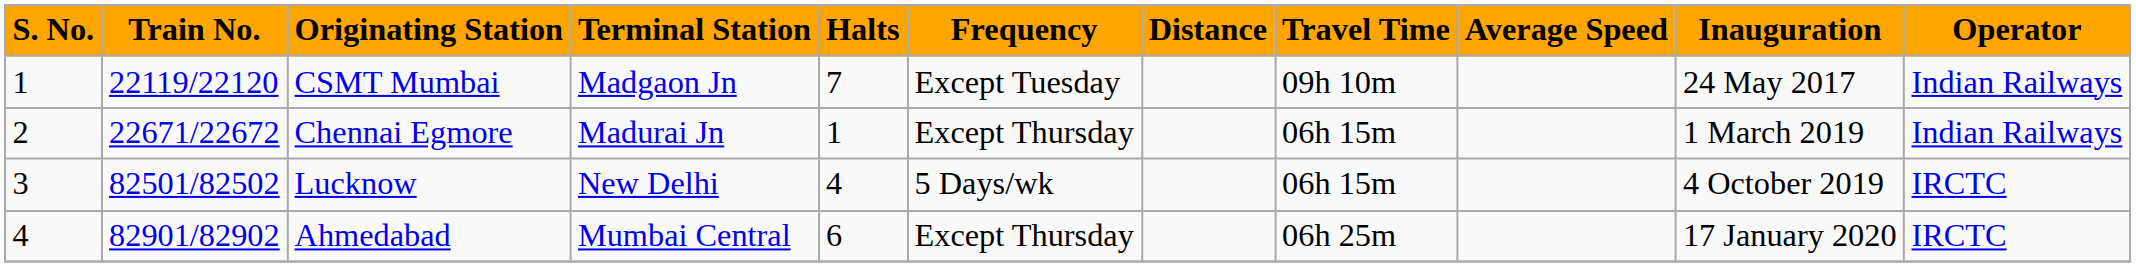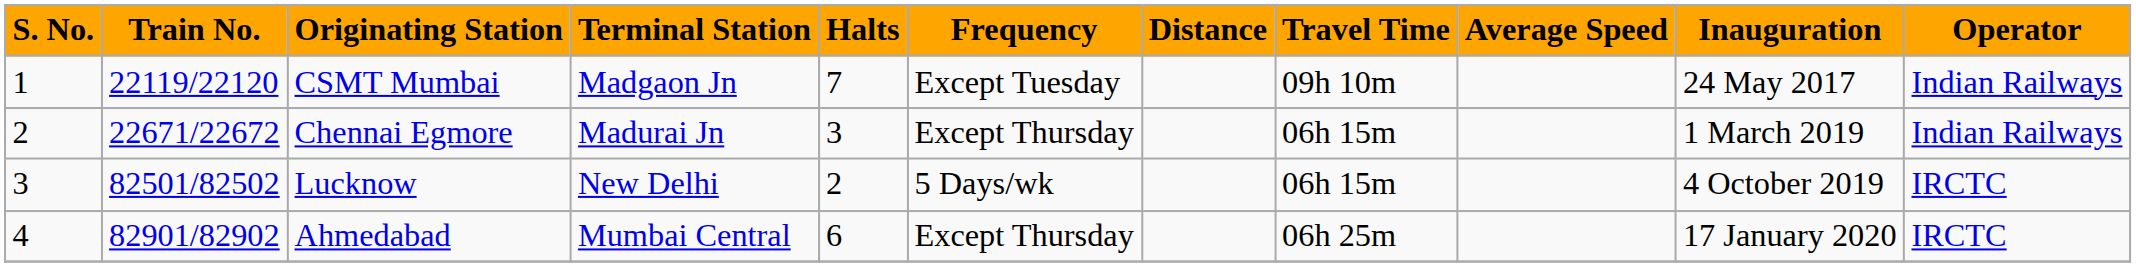 <table class="wikitable sortable">
 <tr>
 <th style="color: black; background-color: orange">S. No.</th>
 <th style="color: black; background-color: orange">Train No.</th>
 <th style="color: black; background-color: orange">Originating Station</th>
 <th style="color: black; background-color: orange">Terminal Station</th>
 <th style="color: black; background-color: orange">Halts</th>
 <th style="color: black; background-color: orange">Frequency</th>
 <th style="color: black; background-color: orange">Distance</th>
 <th style="color: black; background-color: orange">Travel Time</th>
 <th style="color: black; background-color: orange">Average Speed</th>
 <th style="color: black; background-color: orange">Inauguration</th>
 <th style="color: black; background-color: orange">Operator</th>
 </tr>
 <tr>
 <td>1</td>
 <td><a href='#'>22119/22120</a></td>
 <td><a href='#'>CSMT Mumbai</a></td>
 <td><a href='#'>Madgaon Jn</a></td>
 <td>7</td>
 <td>Except Tuesday</td>
 <td></td>
 <td>09h 10m</td>
 <td></td>
 <td>24 May 2017</td>
 <td><a href='#'>Indian Railways</a></td>
 </tr>
 <tr>
 <td>2</td>
 <td><a href='#'> 22671/22672</a></td>
 <td><a href='#'>Chennai Egmore</a></td>
 <td><a href='#'>Madurai Jn</a></td>
-<td>1</td>
+<td>3</td>
 <td>Except Thursday</td>
 <td></td>
 <td>06h 15m</td>
 <td></td>
 <td>1 March 2019</td>
 <td><a href='#'>Indian Railways</a></td>
 </tr>
 <tr>
 <td>3</td>
 <td><a href='#'>82501/82502</a></td>
 <td><a href='#'>Lucknow</a></td>
 <td><a href='#'>New Delhi</a></td>
-<td>4</td>
+<td>2</td>
 <td>5 Days/wk</td>
 <td></td>
 <td>06h 15m</td>
 <td></td>
 <td>4 October 2019</td>
 <td><a href='#'>IRCTC</a></td>
 </tr>
 <tr>
 <td>4</td>
 <td><a href='#'> 82901/82902</a></td>
 <td><a href='#'>Ahmedabad</a></td>
 <td><a href='#'>Mumbai Central</a></td>
 <td>6</td>
 <td>Except Thursday</td>
 <td></td>
 <td>06h 25m</td>
 <td></td>
 <td>17 January 2020</td>
 <td><a href='#'>IRCTC</a></td>
 </tr>
 <tr>
 </tr>
 </table>
